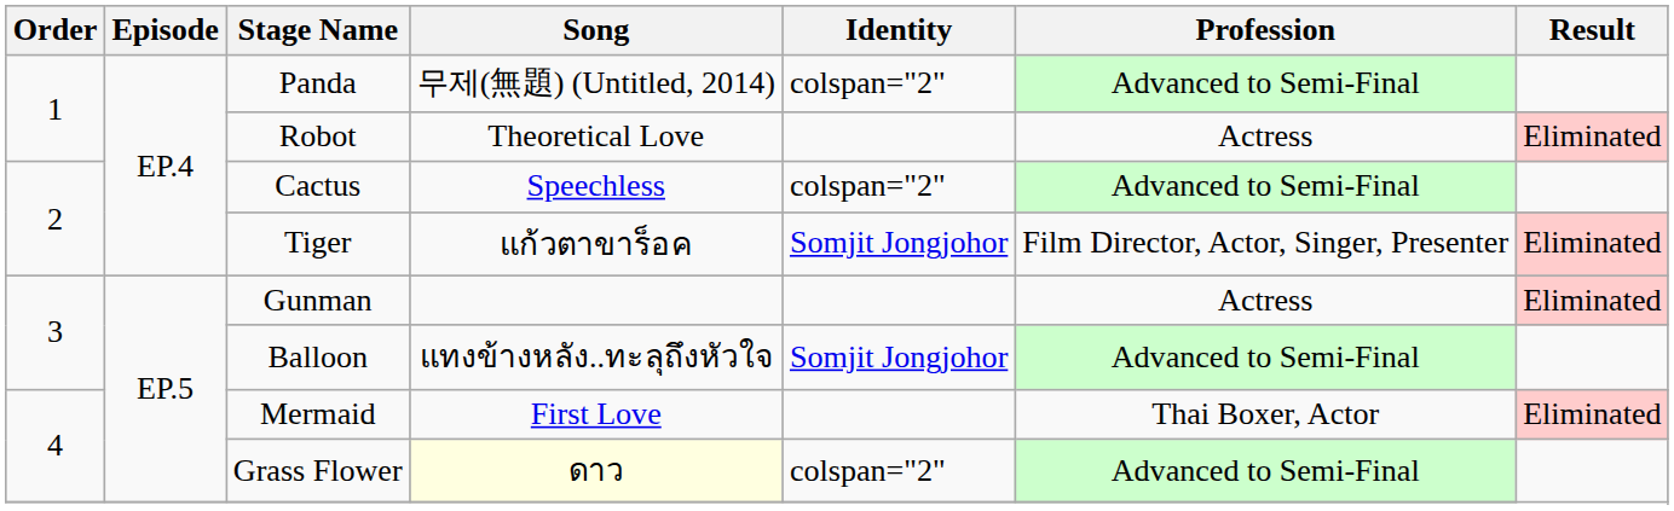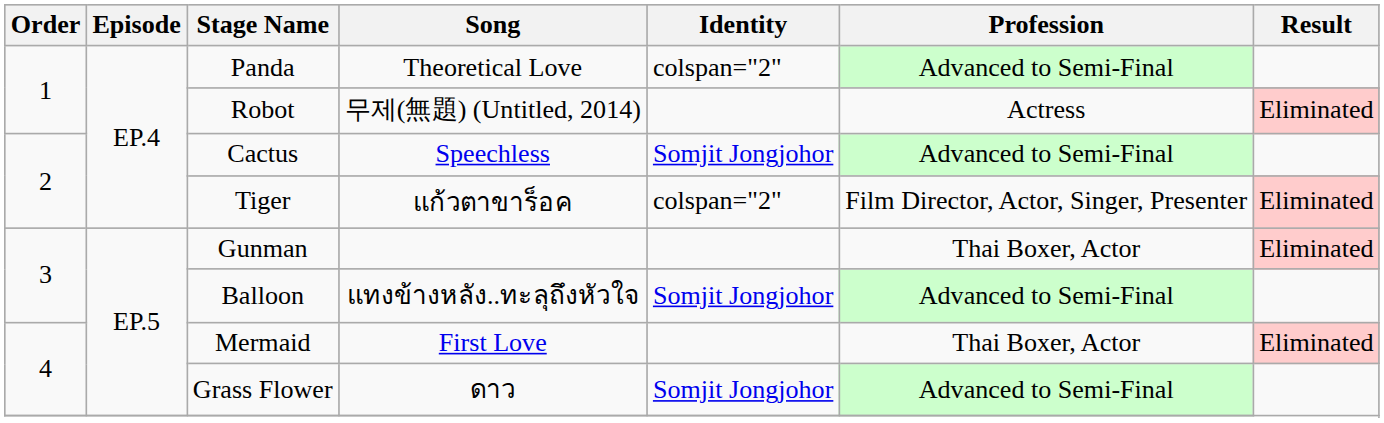 <table class="wikitable">
 <tr>
 <th>Order</th>
 <th>Episode</th>
 <th>Stage Name</th>
 <th>Song</th>
 <th>Identity</th>
 <th>Profession</th>
 <th>Result</th>
 </tr>
 <tr>
 <td rowspan="2" style="text-align:center;">1</td>
 <td rowspan="4" align="center">EP.4</td>
 <td style="text-align:center;">Panda</td>
-<td style="text-align:center;">무제(無題) (Untitled, 2014)</td>
+<td style="text-align:center;">Theoretical Love</td>
 <td>colspan="2"  </td>
 <td style="text-align:center; background:#ccffcc;">Advanced to Semi-Final</td>
 </tr>
 <tr>
 <td style="text-align:center;">Robot</td>
-<td style="text-align:center;">Theoretical Love</td>
+<td style="text-align:center;">무제(無題) (Untitled, 2014)</td>
 <td style="text-align:center;"></td>
 <td style="text-align:center;">Actress</td>
 <td style="text-align:center; background:#ffcccc;">Eliminated</td>
 </tr>
 <tr>
 <td rowspan="2" style="text-align:center;">2</td>
 <td style="text-align:center;">Cactus</td>
 <td style="text-align:center;"><a href='#'>Speechless</a></td>
-<td>colspan="2"  </td>
+<td style="text-align:center;"><a href='#'>Somjit Jongjohor</a></td>
 <td style="text-align:center; background:#ccffcc;">Advanced to Semi-Final</td>
 </tr>
 <tr>
 <td style="text-align:center;">Tiger</td>
 <td style="text-align:center;">แก้วตาขาร็อค</td>
-<td style="text-align:center;"><a href='#'>Somjit Jongjohor</a></td>
+<td>colspan="2"  </td>
 <td style="text-align:center;">Film Director, Actor, Singer, Presenter</td>
 <td style="text-align:center; background:#ffcccc;">Eliminated</td>
 </tr>
 <tr>
 <td rowspan="2" style="text-align:center;">3</td>
 <td rowspan="4" align="center">EP.5</td>
 <td style="text-align:center;">Gunman</td>
 <td style="text-align:center;"></td>
 <td style="text-align:center;"></td>
-<td style="text-align:center;">Actress</td>
+<td style="text-align:center;">Thai Boxer, Actor</td>
 <td style="text-align:center; background:#ffcccc;">Eliminated</td>
 </tr>
 <tr>
 <td style="text-align:center;">Balloon</td>
 <td style="text-align:center;">แทงข้างหลัง..ทะลุถึงหัวใจ</td>
 <td style="text-align:center;"><a href='#'>Somjit Jongjohor</a></td>
 <td style="text-align:center; background:#ccffcc;">Advanced to Semi-Final</td>
 </tr>
 <tr style="text-align:center;">
 <td rowspan="2">4</td>
 <td style="text-align:center;">Mermaid</td>
 <td style="text-align:center;"><a href='#'>First Love</a></td>
 <td style="text-align:center;"></td>
 <td style="text-align:center;">Thai Boxer, Actor</td>
 <td style="text-align:center; background:#ffcccc;">Eliminated</td>
 </tr>
 <tr>
 <td style="text-align:center;">Grass Flower</td>
-<td style="background: lightyellow; text-align:center;">ดาว</td>
-<td>colspan="2"  </td>
+<td style="text-align:center;">ดาว</td>
+<td style="text-align:center;"><a href='#'>Somjit Jongjohor</a></td>
 <td style="text-align:center; background:#ccffcc;">Advanced to Semi-Final</td>
 </tr>
 <tr>
 </tr>
 </table>
